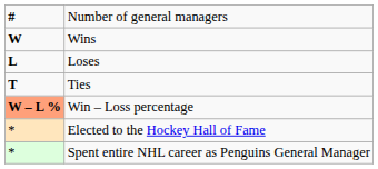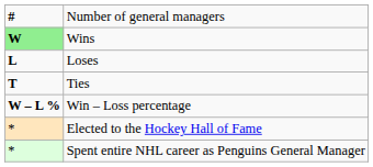 <table class="wikitable" style="font-size:90%;">
 <tr>
 <td><strong>#</strong></td>
 <td>Number of general managers</td>
 </tr>
 <tr>
-<td><strong>W</strong></td>
+<td style="background: lightgreen;"><strong>W</strong></td>
 <td>Wins</td>
 </tr>
 <tr>
 <td><strong>L</strong></td>
 <td>Loses</td>
 </tr>
 <tr>
 <td><strong>T</strong></td>
 <td>Ties</td>
 </tr>
 <tr>
-<td style="background: lightsalmon;"><strong>W – L %</strong></td>
+<td><strong>W – L %</strong></td>
 <td>Win – Loss percentage</td>
 </tr>
 <tr>
 <td style="background-color:#FFE6BD">*</td>
 <td>Elected to the <a href='#'>Hockey Hall of Fame</a></td>
 </tr>
 <tr>
 <td style="background-color:#ddffdd">*</td>
 <td>Spent entire NHL career as Penguins General Manager</td>
 </tr>
 </table>
